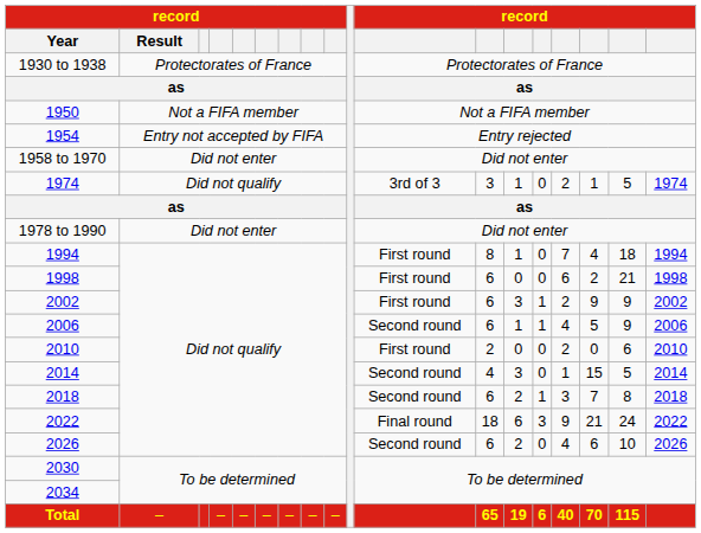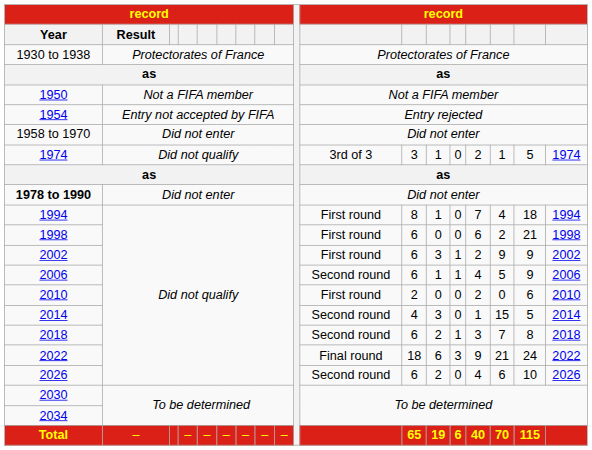 <table class="wikitable" style="text-align:center;">
 <tr>
 <th colspan="9" style="background: #DB2017; color: #FFFF00;"><a href='#'></a> record</th>
 <th style="width:1%" rowspan=28></th>
 <th colspan="8" style="background: #DB2017; color: #FFFF00;"><a href='#'></a> record</th>
 </tr>
 <tr>
 <th>Year</th>
 <th>Result</th>
 <th></th>
 <th></th>
 <th></th>
 <th></th>
 <th></th>
 <th></th>
 <th></th>
 <th></th>
 <th></th>
 <th></th>
 <th></th>
 <th></th>
 <th></th>
 <th></th>
 <th></th>
 </tr>
 <tr>
 <td>1930 to 1938</td>
 <td colspan=8><em> Protectorates of France</em></td>
 <td colspan=8><em> Protectorates of France</em></td>
 </tr>
 <tr>
 <th colspan=9>as </th>
 <th colspan=8>as </th>
 </tr>
 <tr>
 <td> <a href='#'>1950</a></td>
 <td colspan=8><em>Not a FIFA member</em></td>
 <td colspan=8><em>Not a FIFA member</em></td>
 </tr>
 <tr>
 <td> <a href='#'>1954</a></td>
 <td colspan=8><em>Entry not accepted by FIFA</em></td>
 <td colspan=8><em>Entry rejected</em></td>
 </tr>
 <tr>
 <td>1958 to 1970</td>
 <td colspan=8><em>Did not enter</em></td>
 <td colspan=8><em>Did not enter</em></td>
 </tr>
 <tr>
 <td> <a href='#'>1974</a></td>
 <td colspan=8><em>Did not qualify</em></td>
 <td>3rd of 3</td>
 <td>3</td>
 <td>1</td>
 <td>0</td>
 <td>2</td>
 <td>1</td>
 <td>5</td>
 <td><a href='#'>1974</a></td>
 </tr>
 <tr>
 <th colspan=9>as <strong></strong></th>
 <th colspan=8>as <strong></strong></th>
 </tr>
 <tr>
-<td>1978 to 1990</td>
+<td><strong>1978 to 1990</strong></td>
 <td colspan="8"><em>Did not enter</em></td>
 <td colspan="8"><em>Did not enter</em></td>
 </tr>
 <tr>
 <td> <a href='#'>1994</a></td>
 <td colspan="8" rowspan="9"><em>Did not qualify</em></td>
 <td>First round</td>
 <td>8</td>
 <td>1</td>
 <td>0</td>
 <td>7</td>
 <td>4</td>
 <td>18</td>
 <td><a href='#'>1994</a></td>
 </tr>
 <tr>
 <td> <a href='#'>1998</a></td>
 <td>First round</td>
 <td>6</td>
 <td>0</td>
 <td>0</td>
 <td>6</td>
 <td>2</td>
 <td>21</td>
 <td><a href='#'>1998</a></td>
 </tr>
 <tr>
 <td>  <a href='#'>2002</a></td>
 <td>First round</td>
 <td>6</td>
 <td>3</td>
 <td>1</td>
 <td>2</td>
 <td>9</td>
 <td>9</td>
 <td><a href='#'>2002</a></td>
 </tr>
 <tr>
 <td> <a href='#'>2006</a></td>
 <td>Second round</td>
 <td>6</td>
 <td>1</td>
 <td>1</td>
 <td>4</td>
 <td>5</td>
 <td>9</td>
 <td><a href='#'>2006</a></td>
 </tr>
 <tr>
 <td> <a href='#'>2010</a></td>
 <td>First round</td>
 <td>2</td>
 <td>0</td>
 <td>0</td>
 <td>2</td>
 <td>0</td>
 <td>6</td>
 <td><a href='#'>2010</a></td>
 </tr>
 <tr>
 <td> <a href='#'>2014</a></td>
 <td>Second round</td>
 <td>4</td>
 <td>3</td>
 <td>0</td>
 <td>1</td>
 <td>15</td>
 <td>5</td>
 <td><a href='#'>2014</a></td>
 </tr>
 <tr>
 <td> <a href='#'>2018</a></td>
 <td>Second round</td>
 <td>6</td>
 <td>2</td>
 <td>1</td>
 <td>3</td>
 <td>7</td>
 <td>8</td>
 <td><a href='#'>2018</a></td>
 </tr>
 <tr>
 <td> <a href='#'>2022</a></td>
 <td>Final round</td>
 <td>18</td>
 <td>6</td>
 <td>3</td>
 <td>9</td>
 <td>21</td>
 <td>24</td>
 <td><a href='#'>2022</a></td>
 </tr>
 <tr>
 <td>   <a href='#'>2026</a></td>
 <td>Second round</td>
 <td>6</td>
 <td>2</td>
 <td>0</td>
 <td>4</td>
 <td>6</td>
 <td>10</td>
 <td><a href='#'>2026</a></td>
 </tr>
 <tr>
 <td>   <a href='#'>2030</a></td>
 <td colspan="9" rowspan="2"><em>To be determined</em></td>
 <td colspan="8" rowspan="2"><em>To be determined</em></td>
 </tr>
 <tr>
 <td> <a href='#'>2034</a></td>
 </tr>
 <tr>
 <td style="background: #DB2017; color: #FFFF00;"><strong>Total</strong></td>
 <td style="background: #DB2017; color: #FFFF00;">–</td>
 <td style="background: #DB2017; color: #FFFF00;"><strong></strong></td>
 <td style="background: #DB2017; color: #FFFF00;">–</td>
 <td style="background: #DB2017; color: #FFFF00;">–</td>
 <td style="background: #DB2017; color: #FFFF00;">–</td>
 <td style="background: #DB2017; color: #FFFF00;">–</td>
 <td style="background: #DB2017; color: #FFFF00;">–</td>
 <td style="background: #DB2017; color: #FFFF00;">–</td>
 <td style="background: #DB2017; color: #FFFF00;"></td>
 <td style="background: #DB2017; color: #FFFF00;"><strong>65</strong></td>
 <td style="background: #DB2017; color: #FFFF00;"><strong>19</strong></td>
 <td style="background: #DB2017; color: #FFFF00;"><strong>6</strong></td>
 <td style="background: #DB2017; color: #FFFF00;"><strong>40</strong></td>
 <td style="background: #DB2017; color: #FFFF00;"><strong>70</strong></td>
 <td style="background: #DB2017; color: #FFFF00;"><strong>115</strong></td>
 <td style="background: #DB2017; color: #FFFF00;"></td>
 </tr>
 </table>
